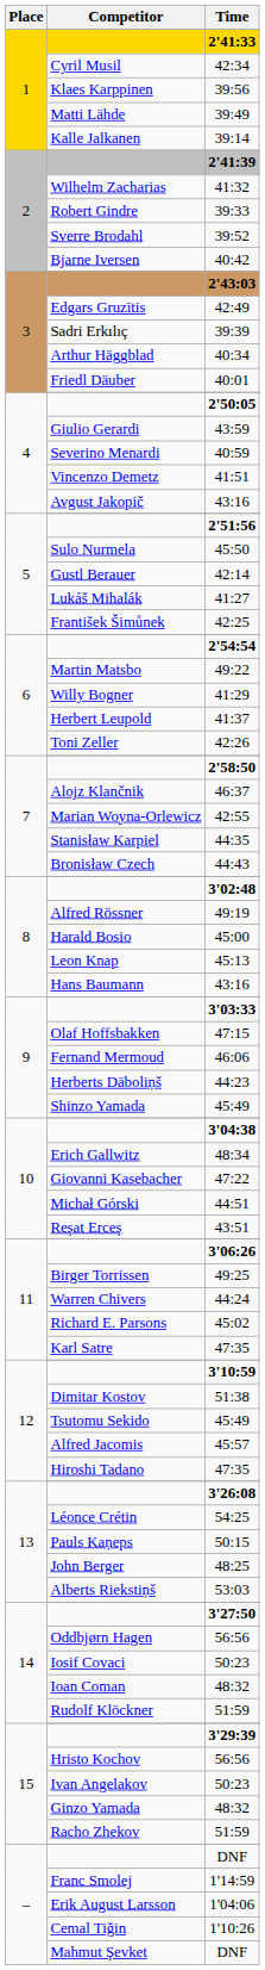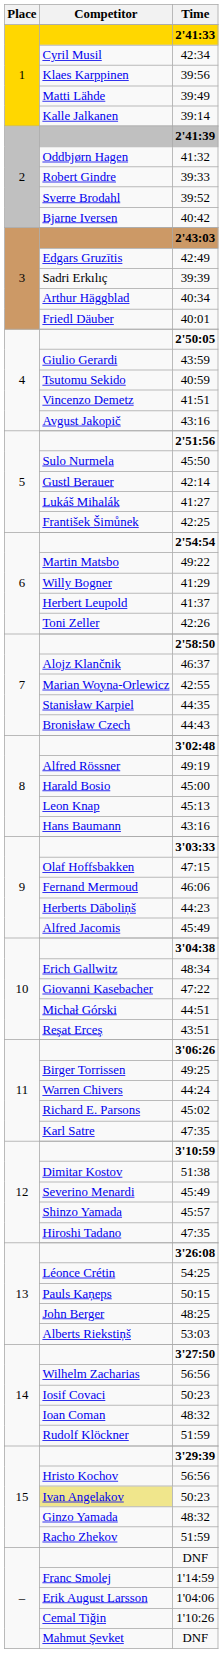 <table class=wikitable style="text-align:center">
 <tr>
 <th>Place</th>
 <th>Competitor</th>
 <th>Time</th>
 </tr>
 <tr>
 <td rowspan=6 align=center bgcolor=gold>1</td>
 </tr>
 <tr>
 <td align=left bgcolor=gold></td>
 <td bgcolor=gold><strong>2'41:33</strong></td>
 </tr>
 <tr>
 <td align=left><a href='#'>Cyril Musil</a></td>
 <td>42:34</td>
 </tr>
 <tr>
 <td align=left><a href='#'>Klaes Karppinen</a></td>
 <td>39:56</td>
 </tr>
 <tr>
 <td align=left><a href='#'>Matti Lähde</a></td>
 <td>39:49</td>
 </tr>
 <tr>
 <td align=left><a href='#'>Kalle Jalkanen</a></td>
 <td>39:14</td>
 </tr>
 <tr>
 <td rowspan=6 align=center bgcolor=silver>2</td>
 </tr>
 <tr>
 <td align=left bgcolor=silver></td>
 <td bgcolor=silver><strong>2'41:39</strong></td>
 </tr>
 <tr>
-<td align=left><a href='#'>Wilhelm Zacharias</a></td>
+<td align=left><a href='#'>Oddbjørn Hagen</a></td>
 <td>41:32</td>
 </tr>
 <tr>
 <td align=left><a href='#'>Robert Gindre</a></td>
 <td>39:33</td>
 </tr>
 <tr>
 <td align=left><a href='#'>Sverre Brodahl</a></td>
 <td>39:52</td>
 </tr>
 <tr>
 <td align=left><a href='#'>Bjarne Iversen</a></td>
 <td>40:42</td>
 </tr>
 <tr>
 <td rowspan=6 align=center bgcolor=cc9966>3</td>
 </tr>
 <tr>
 <td align=left bgcolor=cc9966></td>
 <td bgcolor=cc9966><strong>2'43:03</strong></td>
 </tr>
 <tr>
 <td align=left><a href='#'>Edgars Gruzītis</a></td>
 <td>42:49</td>
 </tr>
 <tr>
 <td align=left>Sadri Erkılıç</td>
 <td>39:39</td>
 </tr>
 <tr>
 <td align=left><a href='#'>Arthur Häggblad</a></td>
 <td>40:34</td>
 </tr>
 <tr>
 <td align=left><a href='#'>Friedl Däuber</a></td>
 <td>40:01</td>
 </tr>
 <tr>
 <td rowspan=6>4</td>
 </tr>
 <tr>
 <td align=left></td>
 <td><strong>2'50:05</strong></td>
 </tr>
 <tr>
 <td align=left><a href='#'>Giulio Gerardi</a></td>
 <td>43:59</td>
 </tr>
 <tr>
-<td align=left><a href='#'>Severino Menardi</a></td>
+<td align=left><a href='#'>Tsutomu Sekido</a></td>
 <td>40:59</td>
 </tr>
 <tr>
 <td align=left><a href='#'>Vincenzo Demetz</a></td>
 <td>41:51</td>
 </tr>
 <tr>
 <td align=left><a href='#'>Avgust Jakopič</a></td>
 <td>43:16</td>
 </tr>
 <tr>
 <td rowspan=6>5</td>
 </tr>
 <tr>
 <td align=left></td>
 <td><strong>2'51:56</strong></td>
 </tr>
 <tr>
 <td align=left><a href='#'>Sulo Nurmela</a></td>
 <td>45:50</td>
 </tr>
 <tr>
 <td align=left><a href='#'>Gustl Berauer</a></td>
 <td>42:14</td>
 </tr>
 <tr>
 <td align=left><a href='#'>Lukáš Mihalák</a></td>
 <td>41:27</td>
 </tr>
 <tr>
 <td align=left><a href='#'>František Šimůnek</a></td>
 <td>42:25</td>
 </tr>
 <tr>
 <td rowspan=6>6</td>
 </tr>
 <tr>
 <td align=left></td>
 <td><strong>2'54:54</strong></td>
 </tr>
 <tr>
 <td align=left><a href='#'>Martin Matsbo</a></td>
 <td>49:22</td>
 </tr>
 <tr>
 <td align=left><a href='#'>Willy Bogner</a></td>
 <td>41:29</td>
 </tr>
 <tr>
 <td align=left><a href='#'>Herbert Leupold</a></td>
 <td>41:37</td>
 </tr>
 <tr>
 <td align=left><a href='#'>Toni Zeller</a></td>
 <td>42:26</td>
 </tr>
 <tr>
 <td rowspan=6>7</td>
 </tr>
 <tr>
 <td align=left></td>
 <td><strong>2'58:50</strong></td>
 </tr>
 <tr>
 <td align=left><a href='#'>Alojz Klančnik</a></td>
 <td>46:37</td>
 </tr>
 <tr>
 <td align=left><a href='#'>Marian Woyna-Orlewicz</a></td>
 <td>42:55</td>
 </tr>
 <tr>
 <td align=left><a href='#'>Stanisław Karpiel</a></td>
 <td>44:35</td>
 </tr>
 <tr>
 <td align=left><a href='#'>Bronisław Czech</a></td>
 <td>44:43</td>
 </tr>
 <tr>
 <td rowspan=6>8</td>
 </tr>
 <tr>
 <td align=left></td>
 <td><strong>3'02:48</strong></td>
 </tr>
 <tr>
 <td align=left><a href='#'>Alfred Rössner</a></td>
 <td>49:19</td>
 </tr>
 <tr>
 <td align=left><a href='#'>Harald Bosio</a></td>
 <td>45:00</td>
 </tr>
 <tr>
 <td align=left><a href='#'>Leon Knap</a></td>
 <td>45:13</td>
 </tr>
 <tr>
 <td align=left><a href='#'>Hans Baumann</a></td>
 <td>43:16</td>
 </tr>
 <tr>
 <td rowspan=6>9</td>
 </tr>
 <tr>
 <td align=left></td>
 <td><strong>3'03:33</strong></td>
 </tr>
 <tr>
 <td align=left><a href='#'>Olaf Hoffsbakken</a></td>
 <td>47:15</td>
 </tr>
 <tr>
 <td align=left><a href='#'>Fernand Mermoud</a></td>
 <td>46:06</td>
 </tr>
 <tr>
 <td align=left><a href='#'>Herberts Dāboliņš</a></td>
 <td>44:23</td>
 </tr>
 <tr>
-<td align=left><a href='#'>Shinzo Yamada</a></td>
+<td align=left><a href='#'>Alfred Jacomis</a></td>
 <td>45:49</td>
 </tr>
 <tr>
 <td rowspan=6>10</td>
 </tr>
 <tr>
 <td align=left></td>
 <td><strong>3'04:38</strong></td>
 </tr>
 <tr>
 <td align=left><a href='#'>Erich Gallwitz</a></td>
 <td>48:34</td>
 </tr>
 <tr>
 <td align=left><a href='#'>Giovanni Kasebacher</a></td>
 <td>47:22</td>
 </tr>
 <tr>
 <td align=left><a href='#'>Michał Górski</a></td>
 <td>44:51</td>
 </tr>
 <tr>
 <td align=left><a href='#'>Reşat Erceş</a></td>
 <td>43:51</td>
 </tr>
 <tr>
 <td rowspan=6>11</td>
 </tr>
 <tr>
 <td align=left></td>
 <td><strong>3'06:26</strong></td>
 </tr>
 <tr>
 <td align=left><a href='#'>Birger Torrissen</a></td>
 <td>49:25</td>
 </tr>
 <tr>
 <td align=left><a href='#'>Warren Chivers</a></td>
 <td>44:24</td>
 </tr>
 <tr>
 <td align=left><a href='#'>Richard E. Parsons</a></td>
 <td>45:02</td>
 </tr>
 <tr>
 <td align=left><a href='#'>Karl Satre</a></td>
 <td>47:35</td>
 </tr>
 <tr>
 <td rowspan=6>12</td>
 </tr>
 <tr>
 <td align=left></td>
 <td><strong>3'10:59</strong></td>
 </tr>
 <tr>
 <td align=left><a href='#'>Dimitar Kostov</a></td>
 <td>51:38</td>
 </tr>
 <tr>
-<td align=left><a href='#'>Tsutomu Sekido</a></td>
+<td align=left><a href='#'>Severino Menardi</a></td>
 <td>45:49</td>
 </tr>
 <tr>
-<td align=left><a href='#'>Alfred Jacomis</a></td>
+<td align=left><a href='#'>Shinzo Yamada</a></td>
 <td>45:57</td>
 </tr>
 <tr>
 <td align=left><a href='#'>Hiroshi Tadano</a></td>
 <td>47:35</td>
 </tr>
 <tr>
 <td rowspan=6>13</td>
 </tr>
 <tr>
 <td align=left></td>
 <td><strong>3'26:08</strong></td>
 </tr>
 <tr>
 <td align=left><a href='#'>Léonce Crétin</a></td>
 <td>54:25</td>
 </tr>
 <tr>
 <td align=left><a href='#'>Pauls Kaņeps</a></td>
 <td>50:15</td>
 </tr>
 <tr>
 <td align=left><a href='#'>John Berger</a></td>
 <td>48:25</td>
 </tr>
 <tr>
 <td align=left><a href='#'>Alberts Riekstiņš</a></td>
 <td>53:03</td>
 </tr>
 <tr>
 <td rowspan=6>14</td>
 </tr>
 <tr>
 <td align=left></td>
 <td><strong>3'27:50</strong></td>
 </tr>
 <tr>
-<td align=left><a href='#'>Oddbjørn Hagen</a></td>
+<td align=left><a href='#'>Wilhelm Zacharias</a></td>
 <td>56:56</td>
 </tr>
 <tr>
 <td align=left><a href='#'>Iosif Covaci</a></td>
 <td>50:23</td>
 </tr>
 <tr>
 <td align=left><a href='#'>Ioan Coman</a></td>
 <td>48:32</td>
 </tr>
 <tr>
 <td align=left><a href='#'>Rudolf Klöckner</a></td>
 <td>51:59</td>
 </tr>
 <tr>
 <td rowspan=6>15</td>
 </tr>
 <tr>
 <td align=left></td>
 <td><strong>3'29:39</strong></td>
 </tr>
 <tr>
 <td align=left><a href='#'>Hristo Kochov</a></td>
 <td>56:56</td>
 </tr>
 <tr>
-<td align=left><a href='#'>Ivan Angelakov</a></td>
+<td align=left style="background: khaki;"><a href='#'>Ivan Angelakov</a></td>
 <td>50:23</td>
 </tr>
 <tr>
 <td align=left><a href='#'>Ginzo Yamada</a></td>
 <td>48:32</td>
 </tr>
 <tr>
 <td align=left><a href='#'>Racho Zhekov</a></td>
 <td>51:59</td>
 </tr>
 <tr>
 <td rowspan=6>–</td>
 </tr>
 <tr>
 <td align=left></td>
 <td>DNF</td>
 </tr>
 <tr>
 <td align=left><a href='#'>Franc Smolej</a></td>
 <td>1'14:59</td>
 </tr>
 <tr>
 <td align=left><a href='#'>Erik August Larsson</a></td>
 <td>1'04:06</td>
 </tr>
 <tr>
 <td align=left><a href='#'>Cemal Tiğin</a></td>
 <td>1'10:26</td>
 </tr>
 <tr>
 <td align=left><a href='#'>Mahmut Şevket</a></td>
 <td>DNF</td>
 </tr>
 </table>
